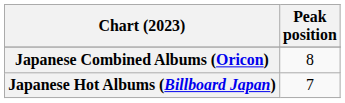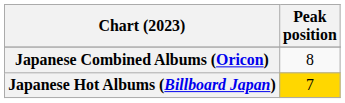 <table class="wikitable sortable plainrowheaders" style="text-align:center">
 <tr>
 <th scope="col">Chart (2023)</th>
 <th scope="col">Peak<br>position</th>
 </tr>
 <tr>
 </tr>
 <tr>
 <th scope="row">Japanese Combined Albums (<a href='#'>Oricon</a>)</th>
 <td>8</td>
 </tr>
 <tr>
 <th scope="row">Japanese Hot Albums (<em><a href='#'>Billboard Japan</a></em>)</th>
-<td>7</td>
+<td style="background: gold;">7</td>
 </tr>
 </table>
